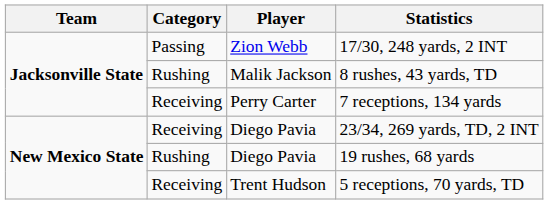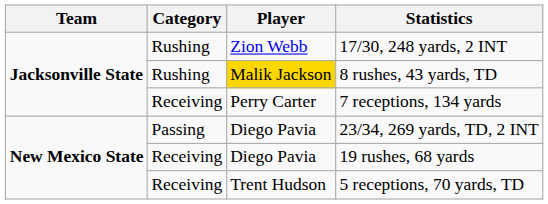 <table class="wikitable" style="float: right;">
 <tr>
 <th>Team</th>
 <th>Category</th>
 <th>Player</th>
 <th>Statistics</th>
 </tr>
 <tr>
 <td rowspan=3><strong>Jacksonville State</strong></td>
-<td>Passing</td>
+<td>Rushing</td>
 <td><a href='#'>Zion Webb</a></td>
 <td>17/30, 248 yards, 2 INT</td>
 </tr>
 <tr>
 <td>Rushing</td>
-<td>Malik Jackson</td>
+<td style="background: gold;">Malik Jackson</td>
 <td>8 rushes, 43 yards, TD</td>
 </tr>
 <tr>
 <td>Receiving</td>
 <td>Perry Carter</td>
 <td>7 receptions, 134 yards</td>
 </tr>
 <tr>
 <td rowspan=3><strong>New Mexico State</strong></td>
-<td>Receiving</td>
+<td>Passing</td>
 <td>Diego Pavia</td>
 <td>23/34, 269 yards, TD, 2 INT</td>
 </tr>
 <tr>
-<td>Rushing</td>
+<td>Receiving</td>
 <td>Diego Pavia</td>
 <td>19 rushes, 68 yards</td>
 </tr>
 <tr>
 <td>Receiving</td>
 <td>Trent Hudson</td>
 <td>5 receptions, 70 yards, TD</td>
 </tr>
 </table>
